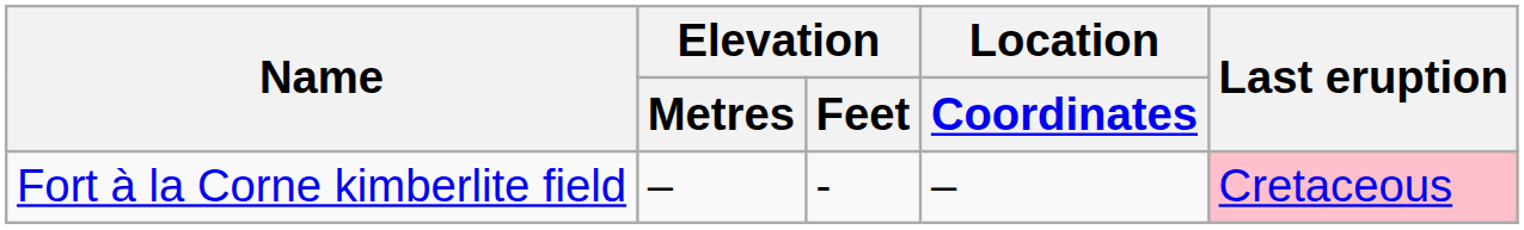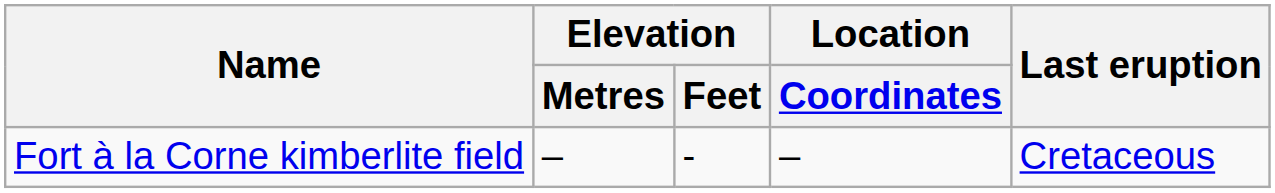 <table class="wikitable">
 <tr>
 <th rowspan="2">Name</th>
 <th colspan="2">Elevation</th>
 <th>Location</th>
 <th rowspan="2">Last eruption</th>
 </tr>
 <tr>
 <th>Metres</th>
 <th>Feet</th>
 <th><a href='#'>Coordinates</a></th>
 </tr>
 <tr>
 <td><a href='#'>Fort à la Corne kimberlite field</a></td>
 <td>–</td>
 <td>-</td>
 <td>–</td>
-<td style="background: pink;"><a href='#'>Cretaceous</a></td>
+<td><a href='#'>Cretaceous</a></td>
 </tr>
 </table>
